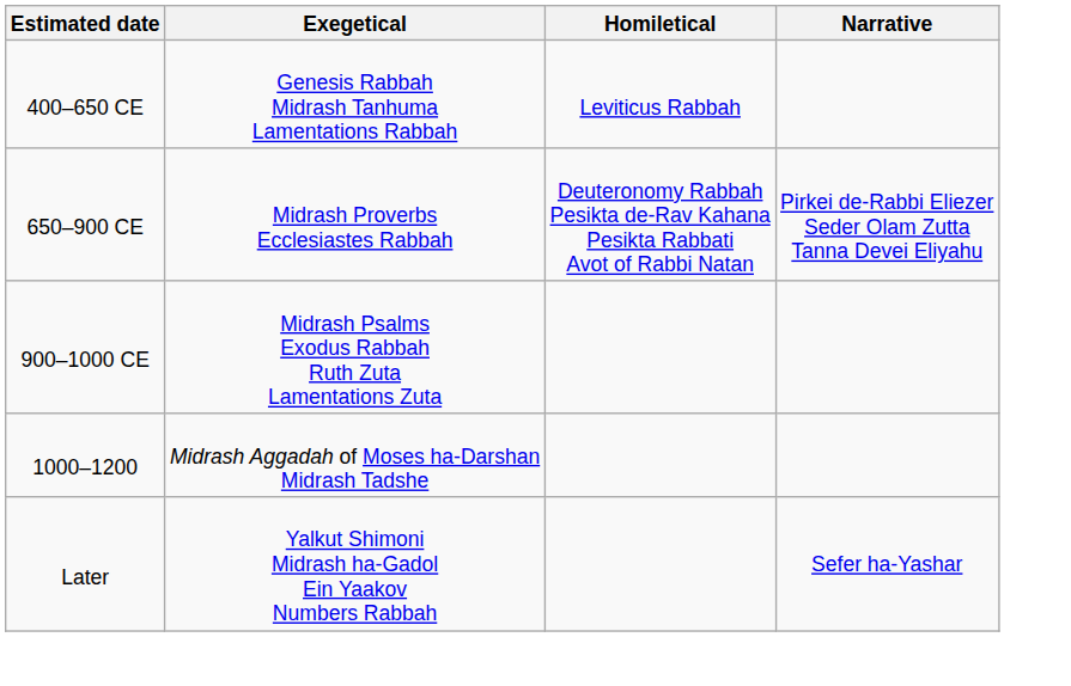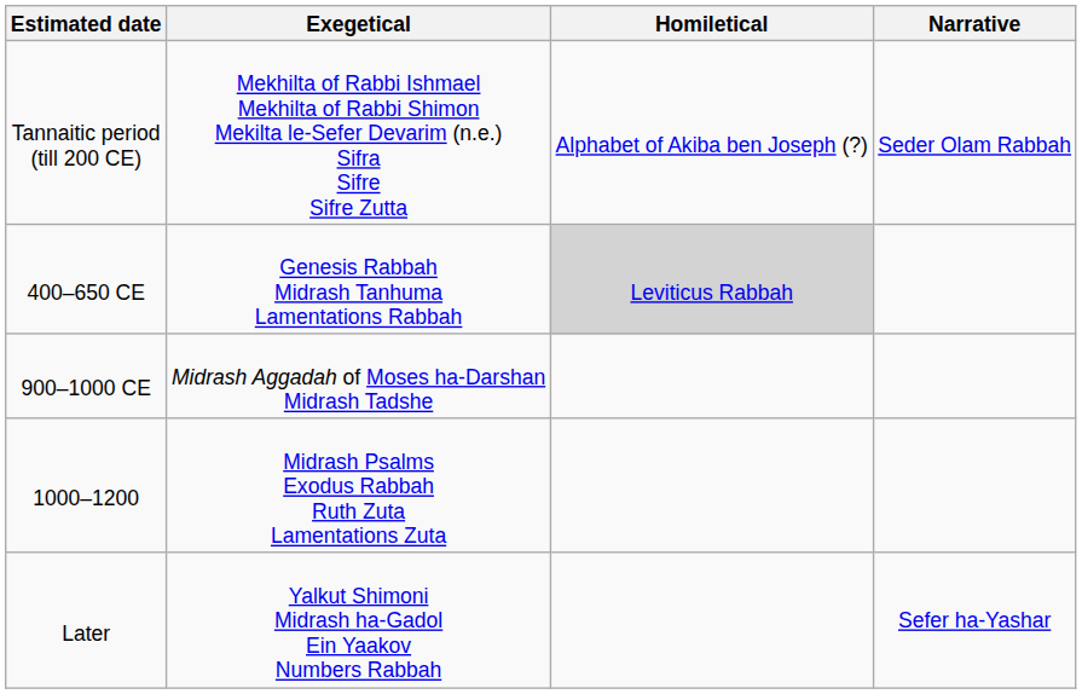 <table class="wikitable"  style="text-align:center; font-size:80%">
 <tr>
 <th><strong>Estimated date</strong></th>
 <th><strong>Exegetical</strong></th>
 <th><strong>Homiletical</strong></th>
 <th><strong>Narrative</strong></th>
 </tr>
 <tr>
+<td><br>Tannaitic period <br> (till 200 CE)</td>
+<td><br><a href='#'>Mekhilta of Rabbi Ishmael</a><br> <a href='#'>Mekhilta of Rabbi Shimon</a><br> <a href='#'>Mekilta le-Sefer Devarim</a> (n.e.)<br> <a href='#'>Sifra</a><br> <a href='#'>Sifre</a><br> <a href='#'>Sifre Zutta</a></td>
+<td><br><a href='#'>Alphabet of Akiba ben Joseph</a> (?)<br></td>
+<td><br><a href='#'>Seder Olam Rabbah</a></td>
+</tr>
+<tr>
 <td><br>400–650 CE</td>
 <td><br><a href='#'>Genesis Rabbah</a><br><a href='#'>Midrash Tanhuma</a><br> <a href='#'>Lamentations Rabbah</a></td>
-<td><br><a href='#'>Leviticus Rabbah</a><br></td>
+<td style="background: lightgrey;"><br><a href='#'>Leviticus Rabbah</a><br></td>
 <td></td>
 </tr>
 <tr>
-<td><br>650–900 CE</td>
-<td><br><a href='#'>Midrash Proverbs</a><br> <a href='#'>Ecclesiastes Rabbah</a></td>
-<td><br><a href='#'>Deuteronomy Rabbah</a><br> <a href='#'>Pesikta de-Rav Kahana</a><br> <a href='#'>Pesikta Rabbati</a><br> <a href='#'>Avot of Rabbi Natan</a></td>
-<td><br><a href='#'>Pirkei de-Rabbi Eliezer</a><br> <a href='#'>Seder Olam Zutta</a><br> <a href='#'>Tanna Devei Eliyahu</a></td>
-</tr>
-<tr>
 <td><br>900–1000 CE</td>
-<td><br><a href='#'>Midrash Psalms</a><br> <a href='#'>Exodus Rabbah</a><br> <a href='#'>Ruth Zuta</a><br> <a href='#'>Lamentations Zuta</a></td>
+<td><br><em>Midrash Aggadah</em> of <a href='#'>Moses ha-Darshan</a><br> <a href='#'>Midrash Tadshe</a></td>
 <td></td>
 <td></td>
 </tr>
 <tr>
 <td><br>1000–1200</td>
-<td><br><em>Midrash Aggadah</em> of <a href='#'>Moses ha-Darshan</a><br> <a href='#'>Midrash Tadshe</a></td>
+<td><br><a href='#'>Midrash Psalms</a><br> <a href='#'>Exodus Rabbah</a><br> <a href='#'>Ruth Zuta</a><br> <a href='#'>Lamentations Zuta</a></td>
 <td></td>
 <td></td>
 </tr>
 <tr>
 <td><br>Later</td>
 <td><br><a href='#'>Yalkut Shimoni</a><br> <a href='#'>Midrash ha-Gadol</a><br> <a href='#'>Ein Yaakov</a><br> <a href='#'>Numbers Rabbah</a></td>
 <td></td>
 <td><a href='#'>Sefer ha-Yashar</a></td>
 </tr>
 </table>
